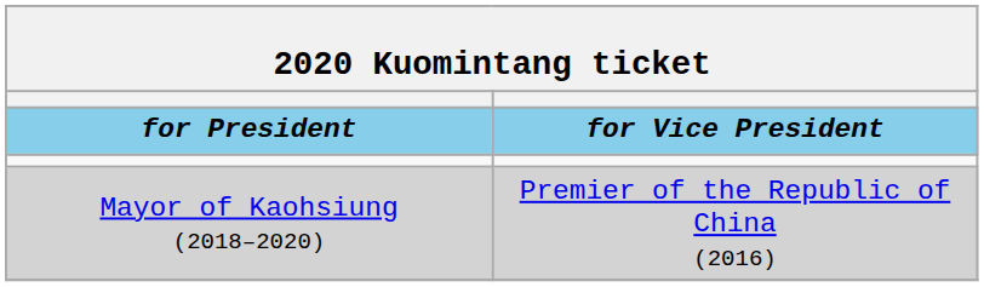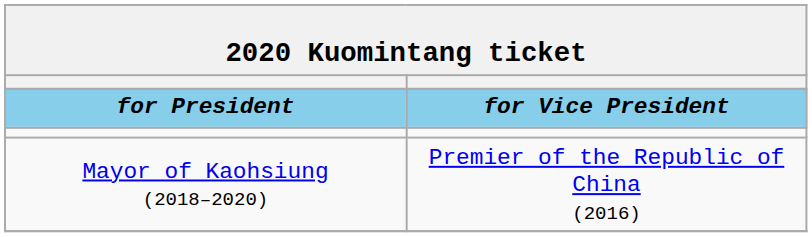 <table class="wikitable" style="font-size:90%; text-align:center;">
 <tr>
 <td colspan="28" style="background:#f1f1f1;"><br><big><strong>2020 Kuomintang ticket</strong></big></td>
 </tr>
 <tr>
 <th style="width:3em; font-size:135%; background:"></th>
 <th style="width:3em; font-size:135%; background:"></th>
 </tr>
 <tr style="color:#000; font-size:100%;">
 <td style="width:3em; width:200px; background:skyblue;"><strong><em>for President</em></strong></td>
 <td style="width:3em; width:200px; background:skyblue;"><strong><em>for Vice President</em></strong></td>
 </tr>
 <tr>
 <td></td>
 <td></td>
 </tr>
 <tr>
-<td style="background: lightgrey;"><a href='#'>Mayor of Kaohsiung</a><br><small>(2018–2020)</small></td>
-<td style="background: lightgrey;"><a href='#'>Premier of the Republic of China</a><br><small>(2016)</small></td>
+<td><a href='#'>Mayor of Kaohsiung</a><br><small>(2018–2020)</small></td>
+<td><a href='#'>Premier of the Republic of China</a><br><small>(2016)</small></td>
 </tr>
 <tr>
 </tr>
 </table>
